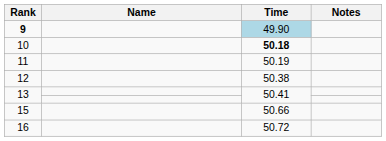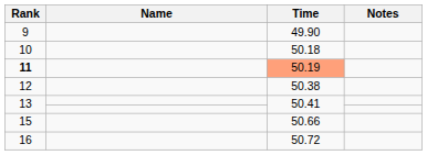 <table class="wikitable sortable" style="text-align:center">
 <tr>
 <th width=50>Rank</th>
 <th width=300>Name</th>
 <th width=100>Time</th>
 <th width=100>Notes</th>
 </tr>
 <tr>
-<td align="center"><strong>9</strong></td>
+<td align="center">9</td>
 <td align="left"></td>
-<td align="center" style="background: lightblue;">49.90</td>
+<td align="center">49.90</td>
 <td></td>
 </tr>
 <tr>
 <td align="center">10</td>
 <td align="left"></td>
-<td align="center"><strong>50.18</strong></td>
+<td align="center">50.18</td>
 <td></td>
 </tr>
 <tr>
-<td align="center">11</td>
+<td align="center"><strong>11</strong></td>
 <td align="left"></td>
-<td align="center">50.19</td>
+<td align="center" style="background: lightsalmon;">50.19</td>
 <td></td>
 </tr>
 <tr>
 <td align="center">12</td>
 <td align="left"></td>
 <td align="center">50.38</td>
 <td></td>
 </tr>
 <tr>
 <td rowspan=2 align="center">13</td>
 <td align="left"></td>
 <td rowspan=2 align="center">50.41</td>
 <td></td>
 </tr>
 <tr>
 <td align="left"></td>
 </tr>
 <tr>
 <td align="center">15</td>
 <td align="left"></td>
 <td align="center">50.66</td>
 <td></td>
 </tr>
 <tr>
 <td align="center">16</td>
 <td align="left"></td>
 <td align="center">50.72</td>
 <td></td>
 </tr>
 </table>
